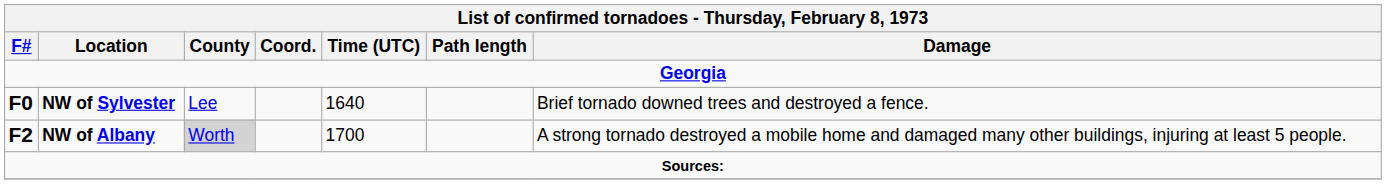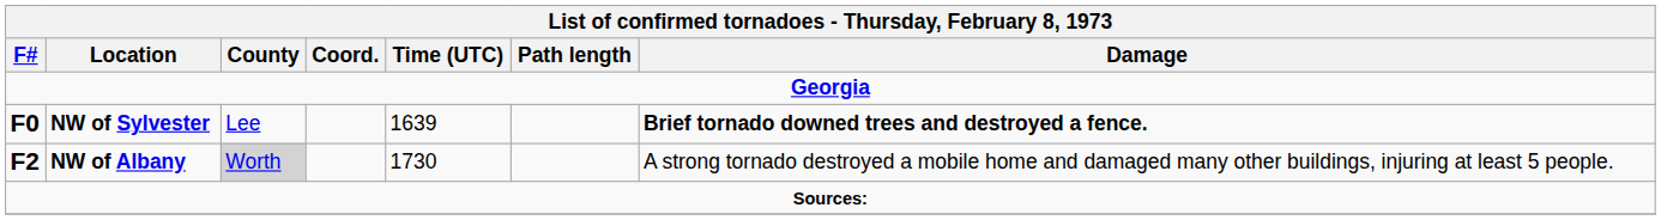 <table class="wikitable collapsible" width="100%">
 <tr>
 <th colspan="7">List of confirmed tornadoes - Thursday, February 8, 1973</th>
 </tr>
 <tr>
 <th><a href='#'>F#</a></th>
 <th>Location</th>
 <th>County</th>
 <th>Coord.</th>
 <th>Time (UTC)</th>
 <th>Path length</th>
 <th>Damage</th>
 </tr>
 <tr>
 <td colspan="7" align=center><strong><a href='#'>Georgia</a></strong></td>
 </tr>
 <tr>
 <td><big><strong>F0</strong></big></td>
 <td><strong>NW of <a href='#'>Sylvester</a></strong></td>
 <td><a href='#'>Lee</a></td>
 <td></td>
-<td>1640</td>
+<td>1639</td>
 <td></td>
-<td>Brief tornado downed trees and destroyed a fence.</td>
+<td><strong>Brief tornado downed trees and destroyed a fence.</strong></td>
 </tr>
 <tr>
 <td><big><strong>F2</strong></big></td>
 <td><strong>NW of <a href='#'>Albany</a></strong></td>
 <td style="background: lightgrey;"><a href='#'>Worth</a></td>
 <td></td>
-<td>1700</td>
+<td>1730</td>
 <td></td>
 <td>A strong tornado destroyed a mobile home and damaged many other buildings, injuring at least 5 people.</td>
 </tr>
 <tr>
 <td colspan="7" align=center><small><strong>Sources:</strong> </small></td>
 </tr>
 <tr>
 </tr>
 </table>
